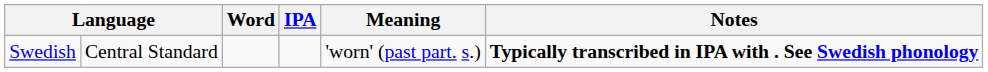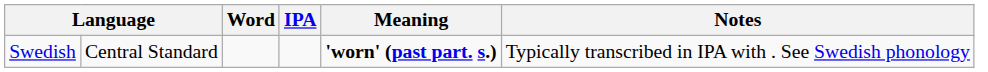 <table class="wikitable">
 <tr>
 <th colspan="2">Language</th>
 <th>Word</th>
 <th><a href='#'>IPA</a></th>
 <th>Meaning</th>
 <th>Notes</th>
 </tr>
 <tr>
 <td><a href='#'>Swedish</a></td>
 <td>Central Standard</td>
 <td></td>
 <td></td>
-<td>'worn' (<a href='#'>past part.</a> <a href='#'>s</a>.)</td>
-<td><strong>Typically transcribed in IPA with . See <a href='#'>Swedish phonology</a></strong></td>
+<td><strong>'worn' (<a href='#'>past part.</a> <a href='#'>s</a>.)</strong></td>
+<td>Typically transcribed in IPA with . See <a href='#'>Swedish phonology</a></td>
 </tr>
 </table>
